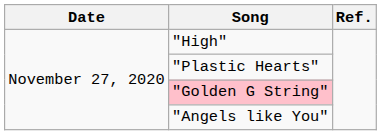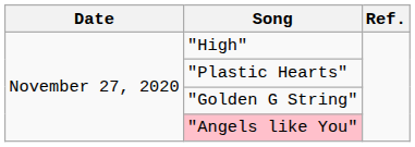 <table class="wikitable">
 <tr>
 <th>Date</th>
 <th>Song</th>
 <th>Ref.</th>
 </tr>
 <tr>
 <td rowspan="4">November 27, 2020</td>
 <td>"High"</td>
 <td rowspan="4"></td>
 </tr>
 <tr>
 <td>"Plastic Hearts"</td>
 </tr>
 <tr>
-<td style="background: pink;">"Golden G String"</td>
+<td>"Golden G String"</td>
 </tr>
 <tr>
-<td>"Angels like You"</td>
+<td style="background: pink;">"Angels like You"</td>
 </tr>
 </table>
